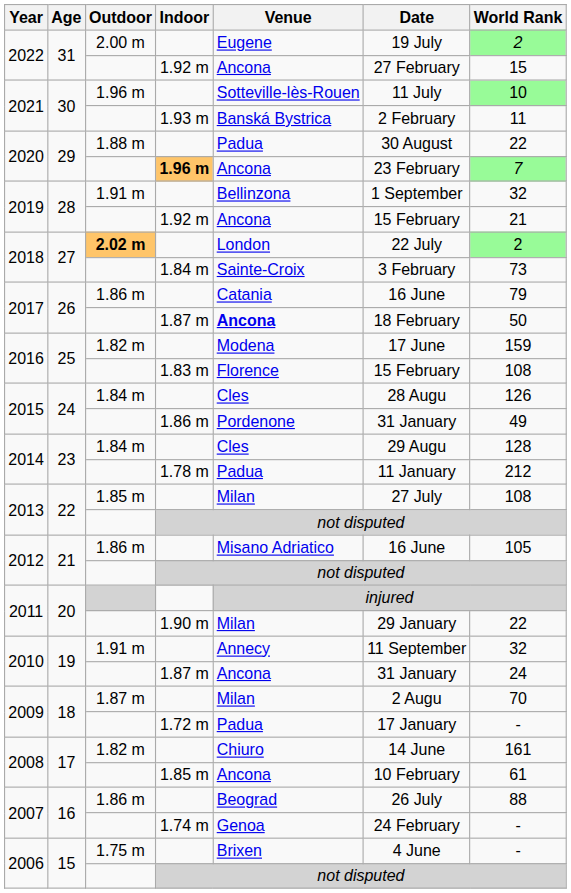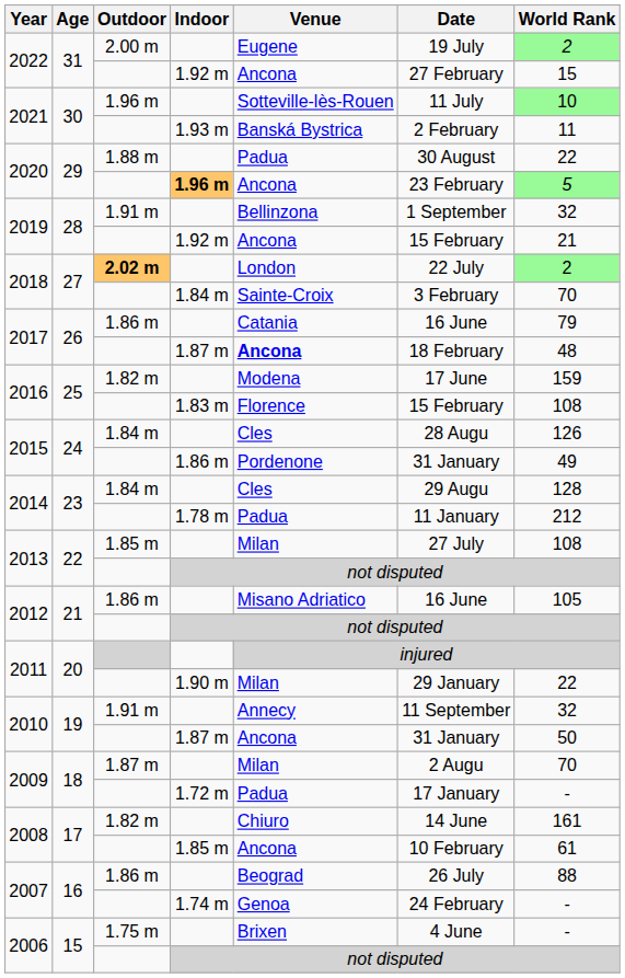 <table class="wikitable sortable" style="wid:55%; font-size:90%; text-align:center;">
 <tr>
 <th>Year</th>
 <th>Age</th>
 <th style="wid:5em">Outdoor</th>
 <th style="wid:5em">Indoor</th>
 <th>Venue</th>
 <th>Date</th>
 <th>World Rank</th>
 </tr>
 <tr>
 <td rowspan=2>2022</td>
 <td rowspan=2>31</td>
 <td>2.00 m</td>
 <td></td>
 <td align=left> <a href='#'>Eugene</a></td>
 <td>19 July</td>
 <td bgcolor=palegreen><em>2</em></td>
 </tr>
 <tr>
 <td></td>
 <td>1.92 m</td>
 <td align=left> <a href='#'>Ancona</a></td>
 <td>27 February</td>
 <td>15</td>
 </tr>
 <tr>
 <td rowspan=2>2021</td>
 <td rowspan=2>30</td>
 <td>1.96 m</td>
 <td></td>
 <td align=left> <a href='#'>Sotteville-lès-Rouen</a></td>
 <td>11 July</td>
 <td bgcolor=palegreen>10</td>
 </tr>
 <tr>
 <td></td>
 <td>1.93 m</td>
 <td align=left> <a href='#'>Banská Bystrica</a></td>
 <td>2 February</td>
 <td>11</td>
 </tr>
 <tr>
 <td rowspan=2>2020</td>
 <td rowspan=2>29</td>
 <td>1.88 m</td>
 <td></td>
 <td align=left> <a href='#'>Padua</a></td>
 <td>30 August</td>
 <td>22</td>
 </tr>
 <tr>
 <td></td>
 <td bgcolor=#ffc569><strong>1.96 m</strong></td>
 <td align=left> <a href='#'>Ancona</a></td>
 <td>23 February</td>
-<td bgcolor=palegreen><em>7</em></td>
+<td bgcolor=palegreen><em>5</em></td>
 </tr>
 <tr>
 <td rowspan=2>2019</td>
 <td rowspan=2>28</td>
 <td>1.91 m</td>
 <td></td>
 <td align=left> <a href='#'>Bellinzona</a></td>
 <td>1 September</td>
 <td>32</td>
 </tr>
 <tr>
 <td></td>
 <td>1.92 m</td>
 <td align=left> <a href='#'>Ancona</a></td>
 <td>15 February</td>
 <td>21</td>
 </tr>
 <tr>
 <td rowspan=2>2018</td>
 <td rowspan=2>27</td>
 <td bgcolor=#ffc569><strong>2.02 m</strong></td>
 <td></td>
 <td align=left> <a href='#'>London</a></td>
 <td>22 July</td>
 <td bgcolor=palegreen>2</td>
 </tr>
 <tr>
 <td></td>
 <td>1.84 m</td>
 <td align=left> <a href='#'>Sainte-Croix</a></td>
 <td>3 February</td>
-<td>73</td>
+<td>70</td>
 </tr>
 <tr>
 <td rowspan=2>2017</td>
 <td rowspan=2>26</td>
 <td>1.86 m</td>
 <td></td>
 <td align=left> <a href='#'>Catania</a></td>
 <td>16 June</td>
 <td>79</td>
 </tr>
 <tr>
 <td></td>
 <td>1.87 m</td>
 <td align=left><strong> <a href='#'>Ancona</a></strong></td>
 <td>18 February</td>
-<td>50</td>
+<td>48</td>
 </tr>
 <tr>
 <td rowspan=2>2016</td>
 <td rowspan=2>25</td>
 <td>1.82 m</td>
 <td></td>
 <td align=left> <a href='#'>Modena</a></td>
 <td>17 June</td>
 <td>159</td>
 </tr>
 <tr>
 <td></td>
 <td>1.83 m</td>
 <td align=left> <a href='#'>Florence</a></td>
 <td>15 February</td>
 <td>108</td>
 </tr>
 <tr>
 <td rowspan=2>2015</td>
 <td rowspan=2>24</td>
 <td>1.84 m</td>
 <td></td>
 <td align=left> <a href='#'>Cles</a></td>
 <td>28 Augu</td>
 <td>126</td>
 </tr>
 <tr>
 <td></td>
 <td>1.86 m</td>
 <td align=left> <a href='#'>Pordenone</a></td>
 <td>31 January</td>
 <td>49</td>
 </tr>
 <tr>
 <td rowspan=2>2014</td>
 <td rowspan=2>23</td>
 <td>1.84 m</td>
 <td></td>
 <td align=left> <a href='#'>Cles</a></td>
 <td>29 Augu</td>
 <td>128</td>
 </tr>
 <tr>
 <td></td>
 <td>1.78 m</td>
 <td align=left> <a href='#'>Padua</a></td>
 <td>11 January</td>
 <td>212</td>
 </tr>
 <tr>
 <td rowspan=2>2013</td>
 <td rowspan=2>22</td>
 <td>1.85 m</td>
 <td></td>
 <td align=left> <a href='#'>Milan</a></td>
 <td>27 July</td>
 <td>108</td>
 </tr>
 <tr>
 <td></td>
 <td colspan=4 bgcolor=lightgrey><em>not disputed</em></td>
 </tr>
 <tr>
 <td rowspan=2>2012</td>
 <td rowspan=2>21</td>
 <td>1.86 m</td>
 <td></td>
 <td align=left> <a href='#'>Misano Adriatico</a></td>
 <td>16 June</td>
 <td>105</td>
 </tr>
 <tr>
 <td></td>
 <td colspan=4 bgcolor=lightgrey><em>not disputed</em></td>
 </tr>
 <tr>
 <td rowspan=2>2011</td>
 <td rowspan=2>20</td>
 <td bgcolor=lightgrey></td>
 <td></td>
 <td colspan=3 bgcolor=lightgrey><em>injured</em></td>
 </tr>
 <tr>
 <td></td>
 <td>1.90 m</td>
 <td align=left> <a href='#'>Milan</a></td>
 <td>29 January</td>
 <td>22</td>
 </tr>
 <tr>
 <td rowspan=2>2010</td>
 <td rowspan=2>19</td>
 <td>1.91 m</td>
 <td></td>
 <td align=left> <a href='#'>Annecy</a></td>
 <td>11 September</td>
 <td>32</td>
 </tr>
 <tr>
 <td></td>
 <td>1.87 m</td>
 <td align=left> <a href='#'>Ancona</a></td>
 <td>31 January</td>
-<td>24</td>
+<td>50</td>
 </tr>
 <tr>
 <td rowspan=2>2009</td>
 <td rowspan=2>18</td>
 <td>1.87 m</td>
 <td></td>
 <td align=left> <a href='#'>Milan</a></td>
 <td>2 Augu</td>
 <td>70</td>
 </tr>
 <tr>
 <td></td>
 <td>1.72 m</td>
 <td align=left> <a href='#'>Padua</a></td>
 <td>17 January</td>
 <td>-</td>
 </tr>
 <tr>
 <td rowspan=2>2008</td>
 <td rowspan=2>17</td>
 <td>1.82 m</td>
 <td></td>
 <td align=left> <a href='#'>Chiuro</a></td>
 <td>14 June</td>
 <td>161</td>
 </tr>
 <tr>
 <td></td>
 <td>1.85 m</td>
 <td align=left> <a href='#'>Ancona</a></td>
 <td>10 February</td>
 <td>61</td>
 </tr>
 <tr>
 <td rowspan=2>2007</td>
 <td rowspan=2>16</td>
 <td>1.86 m</td>
 <td></td>
 <td align=left> <a href='#'>Beograd</a></td>
 <td>26 July</td>
 <td>88</td>
 </tr>
 <tr>
 <td></td>
 <td>1.74 m</td>
 <td align=left> <a href='#'>Genoa</a></td>
 <td>24 February</td>
 <td>-</td>
 </tr>
 <tr>
 <td rowspan=2>2006</td>
 <td rowspan=2>15</td>
 <td>1.75 m</td>
 <td></td>
 <td align=left> <a href='#'>Brixen</a></td>
 <td>4 June</td>
 <td>-</td>
 </tr>
 <tr>
 <td></td>
 <td colspan=4 bgcolor=lightgrey><em>not disputed</em></td>
 </tr>
 </table>
